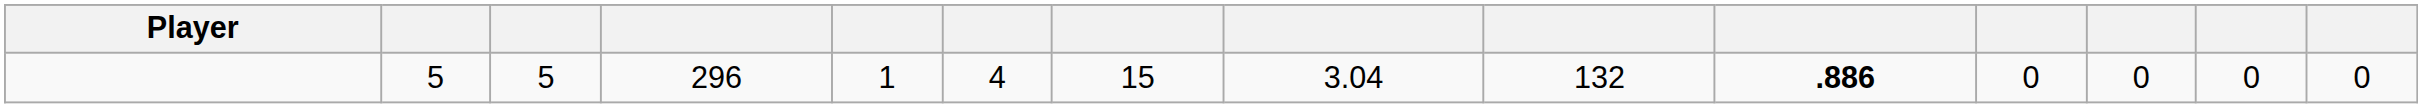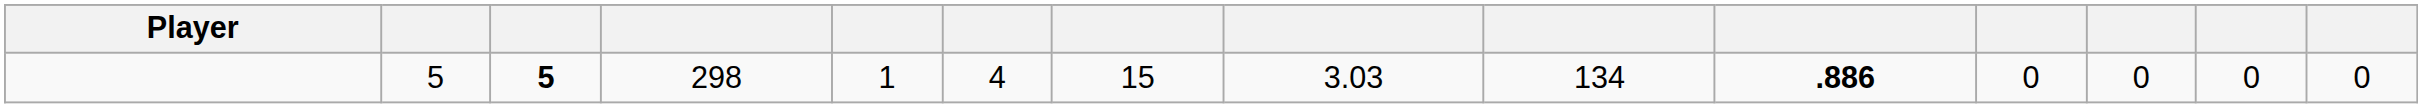 <table class="wikitable sortable" style="width:100%;">
 <tr style="text-align:center; background:#ddd;">
 <th>Player</th>
 <th></th>
 <th></th>
 <th></th>
 <th></th>
 <th></th>
 <th></th>
 <th></th>
 <th></th>
 <th></th>
 <th></th>
 <th></th>
 <th></th>
 <th></th>
 </tr>
 <tr align=center>
 <td style=white-space:nowrap></td>
 <td>5</td>
-<td>5</td>
-<td>296</td>
+<td><strong>5</strong></td>
+<td>298</td>
 <td>1</td>
 <td>4</td>
 <td>15</td>
-<td>3.04</td>
-<td>132</td>
+<td>3.03</td>
+<td>134</td>
 <td><strong>.886</strong></td>
 <td>0</td>
 <td>0</td>
 <td>0</td>
 <td>0</td>
 </tr>
 </table>
